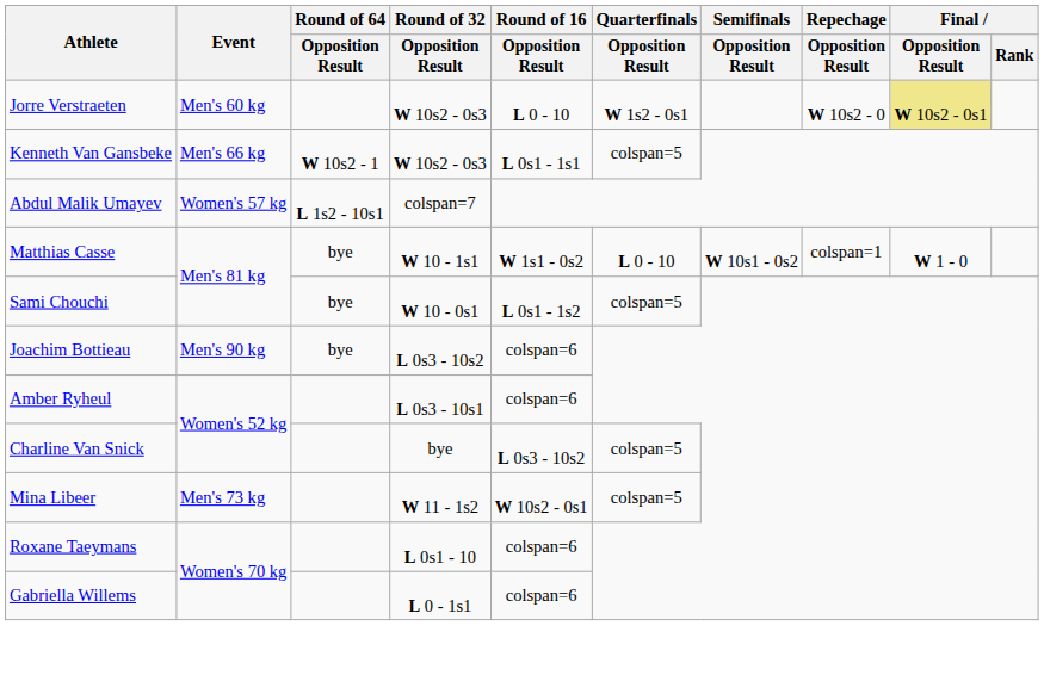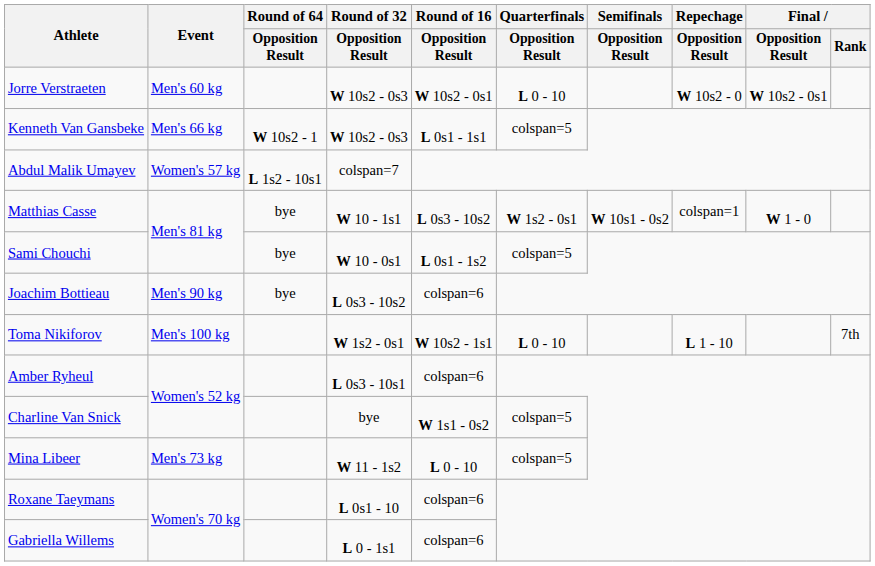 <table class="wikitable" style="font-size:90%">
 <tr>
 <th rowspan="2">Athlete</th>
 <th rowspan="2">Event</th>
 <th>Round of 64</th>
 <th>Round of 32</th>
 <th>Round of 16</th>
 <th>Quarterfinals</th>
 <th>Semifinals</th>
 <th>Repechage</th>
 <th colspan=2>Final / </th>
 </tr>
 <tr style="font-size:95%">
 <th>Opposition<br>Result</th>
 <th>Opposition<br>Result</th>
 <th>Opposition<br>Result</th>
 <th>Opposition<br>Result</th>
 <th>Opposition<br>Result</th>
 <th>Opposition<br>Result</th>
 <th>Opposition<br>Result</th>
 <th>Rank</th>
 </tr>
 <tr align=center>
 <td align=left><a href='#'>Jorre Verstraeten</a></td>
 <td align=left><a href='#'>Men's 60 kg</a></td>
 <td></td>
 <td><br> <strong>W</strong> 10s2 - 0s3</td>
-<td><br><strong>L</strong> 0 - 10</td>
-<td><br> <strong>W</strong> 1s2 - 0s1</td>
+<td><br> <strong>W</strong> 10s2 - 0s1</td>
+<td><br> <strong>L</strong> 0 - 10</td>
 <td></td>
 <td><br><strong>W</strong> 10s2 - 0</td>
-<td style="background: khaki;"><br><strong>W</strong> 10s2 - 0s1</td>
+<td><br><strong>W</strong> 10s2 - 0s1</td>
 <td></td>
 </tr>
 <tr align=center>
 <td align=left><a href='#'>Kenneth Van Gansbeke</a></td>
 <td align=left><a href='#'>Men's 66 kg</a></td>
 <td><br><strong>W</strong> 10s2 - 1</td>
 <td><br><strong>W</strong> 10s2 - 0s3</td>
 <td><br><strong>L</strong> 0s1 - 1s1</td>
 <td>colspan=5 </td>
 </tr>
 <tr align=center>
 <td align=left><a href='#'>Abdul Malik Umayev</a></td>
 <td align=left><a href='#'>Women's 57 kg</a></td>
 <td><br> <strong>L</strong> 1s2 - 10s1</td>
 <td>colspan=7 </td>
 </tr>
 <tr align=center>
 <td align=left><a href='#'>Matthias Casse</a></td>
 <td rowspan=2 align=left><a href='#'>Men's 81 kg</a></td>
 <td>bye</td>
 <td><br> <strong>W</strong> 10 - 1s1</td>
-<td><br> <strong>W</strong> 1s1 - 0s2</td>
-<td><br> <strong>L</strong> 0 - 10</td>
+<td><br><strong>L</strong> 0s3 - 10s2</td>
+<td><br> <strong>W</strong> 1s2 - 0s1</td>
 <td><br> <strong>W</strong> 10s1 - 0s2</td>
 <td>colspan=1 </td>
 <td><br> <strong>W</strong> 1 - 0</td>
 <td></td>
 </tr>
 <tr align=center>
 <td align=left><a href='#'>Sami Chouchi</a></td>
 <td>bye</td>
 <td><br> <strong>W</strong> 10 - 0s1</td>
 <td><br> <strong>L</strong> 0s1 - 1s2</td>
 <td>colspan=5 </td>
 </tr>
 <tr align=center>
 <td align=left><a href='#'>Joachim Bottieau</a></td>
 <td align=left><a href='#'>Men's 90 kg</a></td>
 <td>bye</td>
 <td><br> <strong>L</strong> 0s3 - 10s2</td>
 <td>colspan=6 </td>
 </tr>
 <tr align=center>
+<td align=left><a href='#'>Toma Nikiforov</a></td>
+<td align=left><a href='#'>Men's 100 kg</a></td>
+<td></td>
+<td><br> <strong>W</strong> 1s2 - 0s1</td>
+<td><br> <strong>W</strong> 10s2 - 1s1</td>
+<td><br> <strong>L</strong> 0 - 10</td>
+<td></td>
+<td><br> <strong>L</strong> 1 - 10</td>
+<td></td>
+<td>7th</td>
+</tr>
+<tr align=center>
 <td align=left><a href='#'>Amber Ryheul</a></td>
 <td rowspan=2 align=left><a href='#'>Women's 52 kg</a></td>
 <td></td>
 <td><br><strong>L</strong> 0s3 - 10s1</td>
 <td>colspan=6 </td>
 </tr>
 <tr align=center>
 <td align=left><a href='#'>Charline Van Snick</a></td>
 <td></td>
 <td>bye</td>
-<td><br><strong>L</strong> 0s3 - 10s2</td>
+<td><br> <strong>W</strong> 1s1 - 0s2</td>
 <td>colspan=5 </td>
 </tr>
 <tr align=center>
 <td align=left><a href='#'>Mina Libeer</a></td>
 <td align=left><a href='#'>Men's 73 kg</a></td>
 <td></td>
 <td><br><strong>W</strong> 11 - 1s2</td>
-<td><br> <strong>W</strong> 10s2 - 0s1</td>
+<td><br><strong>L</strong> 0 - 10</td>
 <td>colspan=5 </td>
 </tr>
 <tr align=center>
 <td align=left><a href='#'>Roxane Taeymans</a></td>
 <td rowspan=2 align=left><a href='#'>Women's 70 kg</a></td>
 <td></td>
 <td><br> <strong>L</strong> 0s1 - 10</td>
 <td>colspan=6 </td>
 </tr>
 <tr align=center>
 <td align=left><a href='#'>Gabriella Willems</a></td>
 <td></td>
 <td><br> <strong>L</strong> 0 - 1s1</td>
 <td>colspan=6 </td>
 </tr>
 </table>
